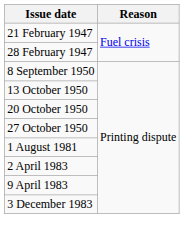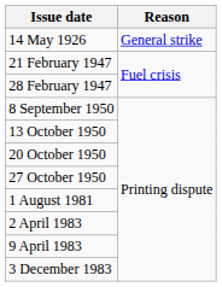 <table class="wikitable">
 <tr>
 <th>Issue date</th>
 <th>Reason</th>
+</tr>
+<tr>
+<td>14 May 1926</td>
+<td><a href='#'>General strike</a></td>
 </tr>
 <tr>
 <td>21 February 1947</td>
 <td rowspan="2"><a href='#'>Fuel crisis</a></td>
 </tr>
 <tr>
 <td>28 February 1947</td>
 </tr>
 <tr>
 <td>8 September 1950</td>
 <td rowspan="8">Printing dispute</td>
 </tr>
 <tr>
 <td>13 October 1950</td>
 </tr>
 <tr>
 <td>20 October 1950</td>
 </tr>
 <tr>
 <td>27 October 1950</td>
 </tr>
 <tr>
 <td>1 August 1981</td>
 </tr>
 <tr>
 <td>2 April 1983</td>
 </tr>
 <tr>
 <td>9 April 1983</td>
 </tr>
 <tr>
 <td>3 December 1983</td>
 </tr>
 </table>
